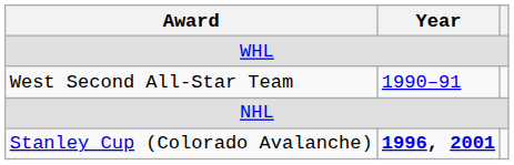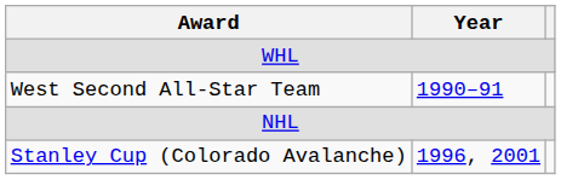 <table class="wikitable">
 <tr>
 <th>Award</th>
 <th>Year</th>
 <th></th>
 </tr>
 <tr ALIGN="center" bgcolor="#e0e0e0">
 <td colspan="3"><a href='#'>WHL</a></td>
 </tr>
 <tr>
 <td>West Second All-Star Team</td>
 <td><a href='#'>1990–91</a></td>
 <td></td>
 </tr>
 <tr ALIGN="center" bgcolor="#e0e0e0">
 <td colspan="3"><a href='#'>NHL</a></td>
 </tr>
 <tr>
 <td><a href='#'>Stanley Cup</a> (Colorado Avalanche)</td>
-<td><strong><a href='#'>1996</a>, <a href='#'>2001</a></strong></td>
+<td><a href='#'>1996</a>, <a href='#'>2001</a></td>
 <td></td>
 </tr>
 </table>
